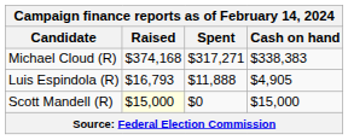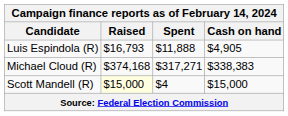 <table class="wikitable sortable">
 <tr>
 <th colspan=4>Campaign finance reports as of February 14, 2024</th>
 </tr>
 <tr style="text-align:center;">
 <th>Candidate</th>
 <th>Raised</th>
 <th>Spent</th>
 <th>Cash on hand</th>
 </tr>
 <tr>
+<td style="background-color:">Luis Espindola (R)</td>
+<td>$16,793</td>
+<td>$11,888</td>
+<td>$4,905</td>
+</tr>
+<tr>
 <td style="background-color:">Michael Cloud (R)</td>
 <td>$374,168</td>
 <td>$317,271</td>
 <td>$338,383</td>
 </tr>
 <tr>
-<td style="background-color:">Luis Espindola (R)</td>
-<td>$16,793</td>
-<td>$11,888</td>
-<td>$4,905</td>
-</tr>
-<tr>
 <td style="background-color:">Scott Mandell (R)</td>
 <td style="background: lightyellow;">$15,000</td>
-<td>$0</td>
+<td>$4</td>
 <td>$15,000</td>
 </tr>
 <tr>
 <th colspan="4"><small>Source: <a href='#'>Federal Election Commission</a></small></th>
 </tr>
 </table>
